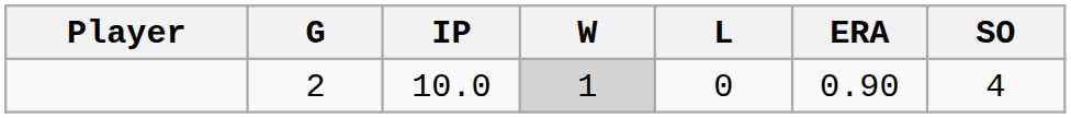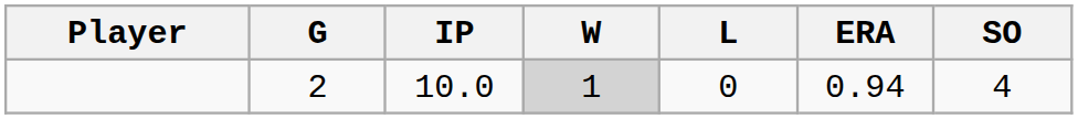 <table class="wikitable sortable">
 <tr>
 <th bgcolor="#DDDDFF" width="16%">Player</th>
 <th bgcolor="#DDDDFF" width="9%">G</th>
 <th bgcolor="#DDDDFF" width="9%">IP</th>
 <th bgcolor="#DDDDFF" width="9%">W</th>
 <th bgcolor="#DDDDFF" width="9%">L</th>
 <th bgcolor="#DDDDFF" width="9%">ERA</th>
 <th bgcolor="#DDDDFF" width="9%">SO</th>
 </tr>
 <tr align="center">
 <td></td>
 <td>2</td>
 <td>10.0</td>
 <td style="background: lightgrey;">1</td>
 <td>0</td>
-<td>0.90</td>
+<td>0.94</td>
 <td>4</td>
 </tr>
 </table>
